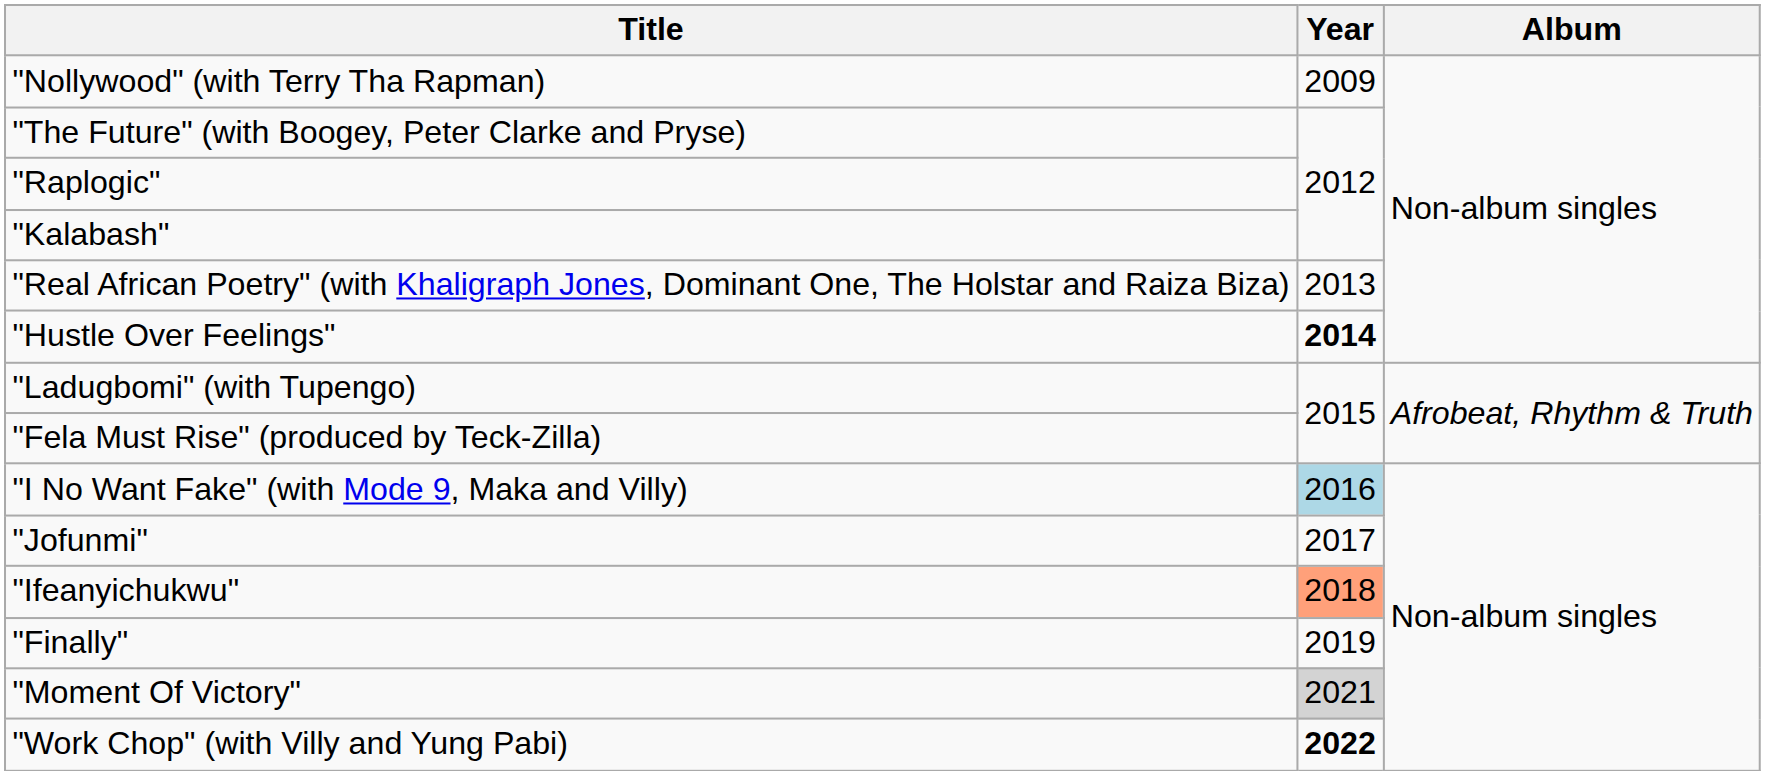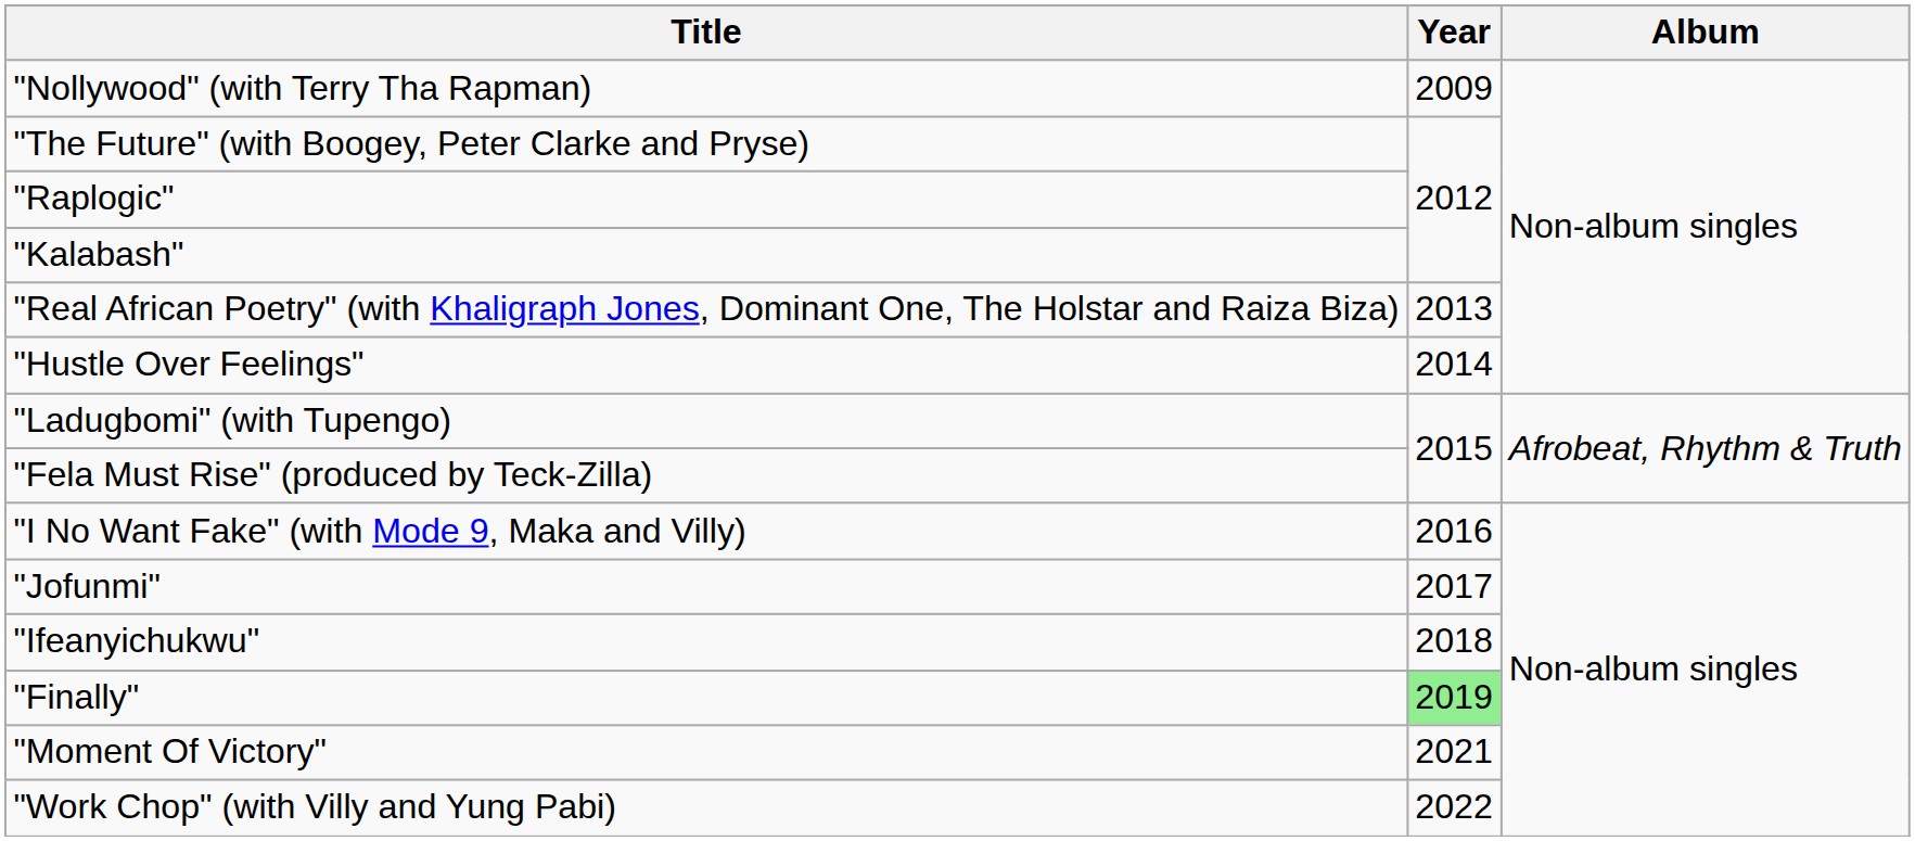 <table class="wikitable">
 <tr>
 <th>Title</th>
 <th>Year</th>
 <th>Album</th>
 </tr>
 <tr>
 <td>"Nollywood" (with Terry Tha Rapman)</td>
 <td>2009</td>
 <td rowspan="6">Non-album singles</td>
 </tr>
 <tr>
 <td>"The Future" (with Boogey, Peter Clarke and Pryse)</td>
 <td rowspan="3">2012</td>
 </tr>
 <tr>
 <td>"Raplogic"</td>
 </tr>
 <tr>
 <td>"Kalabash"</td>
 </tr>
 <tr>
 <td>"Real African Poetry" (with <a href='#'>Khaligraph Jones</a>, Dominant One, The Holstar and Raiza Biza)</td>
 <td>2013</td>
 </tr>
 <tr>
 <td>"Hustle Over Feelings"</td>
-<td><strong>2014</strong></td>
+<td>2014</td>
 </tr>
 <tr>
 <td>"Ladugbomi" (with Tupengo)</td>
 <td rowspan="2">2015</td>
 <td rowspan="2"><em>Afrobeat, Rhythm & Truth</em></td>
 </tr>
 <tr>
 <td>"Fela Must Rise" (produced by Teck-Zilla)</td>
 </tr>
 <tr>
 <td>"I No Want Fake" (with <a href='#'>Mode 9</a>, Maka and Villy)</td>
-<td style="background: lightblue;">2016</td>
+<td>2016</td>
 <td rowspan="6">Non-album singles</td>
 </tr>
 <tr>
 <td>"Jofunmi"</td>
 <td>2017</td>
 </tr>
 <tr>
 <td>"Ifeanyichukwu"</td>
-<td style="background: lightsalmon;">2018</td>
+<td>2018</td>
 </tr>
 <tr>
 <td>"Finally"</td>
-<td>2019</td>
+<td style="background: lightgreen;">2019</td>
 </tr>
 <tr>
 <td>"Moment Of Victory"</td>
-<td style="background: lightgrey;">2021</td>
+<td>2021</td>
 </tr>
 <tr>
 <td>"Work Chop" (with Villy and Yung Pabi)</td>
-<td><strong>2022</strong></td>
+<td>2022</td>
 </tr>
 </table>
